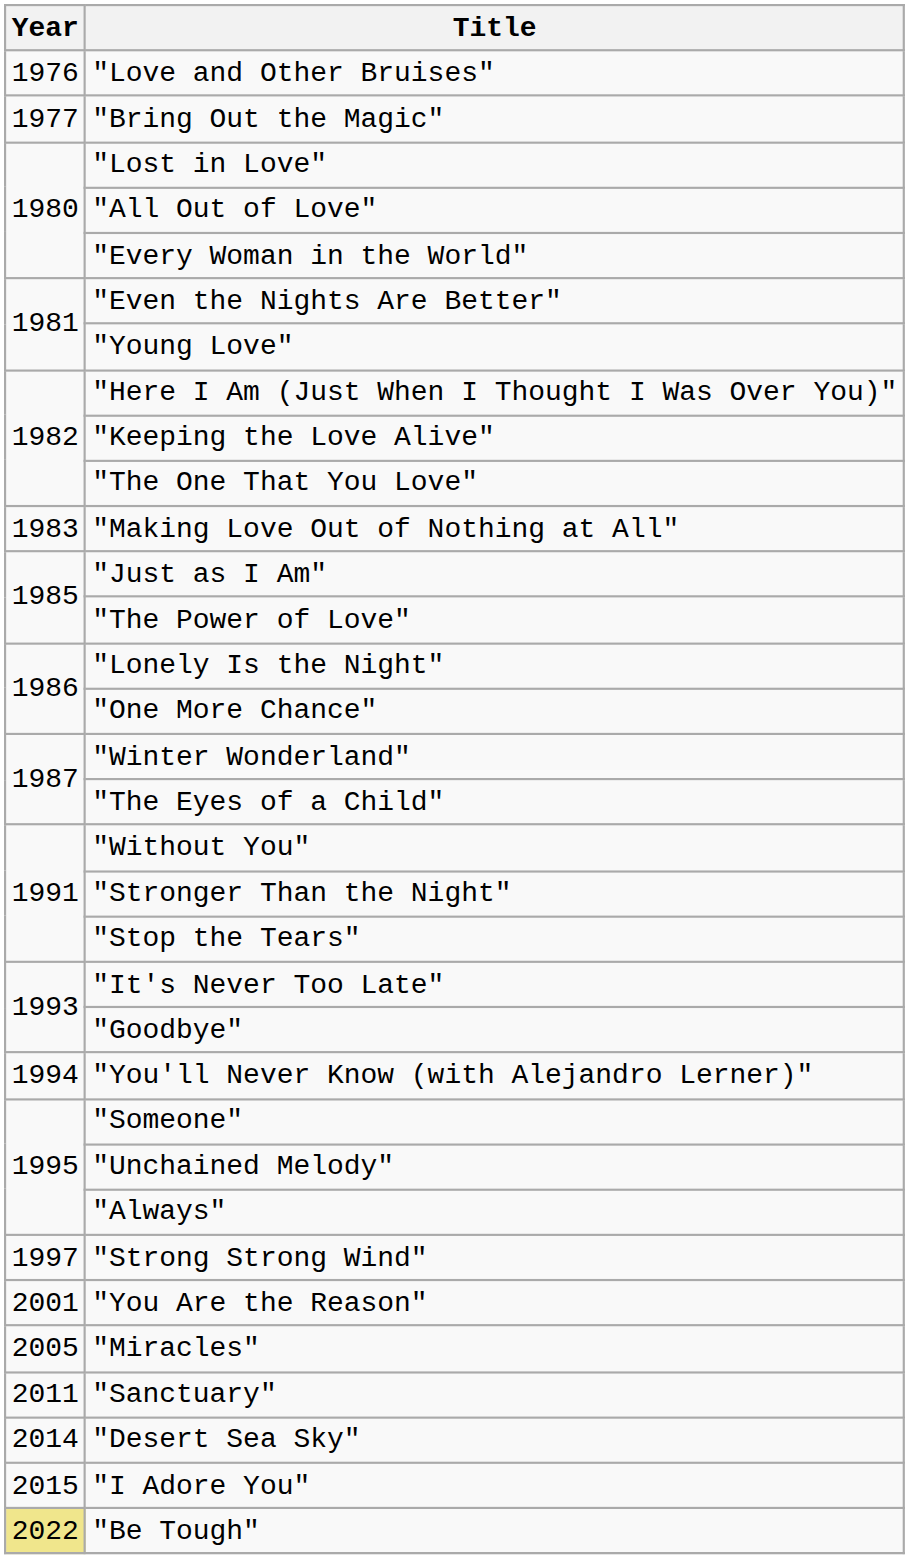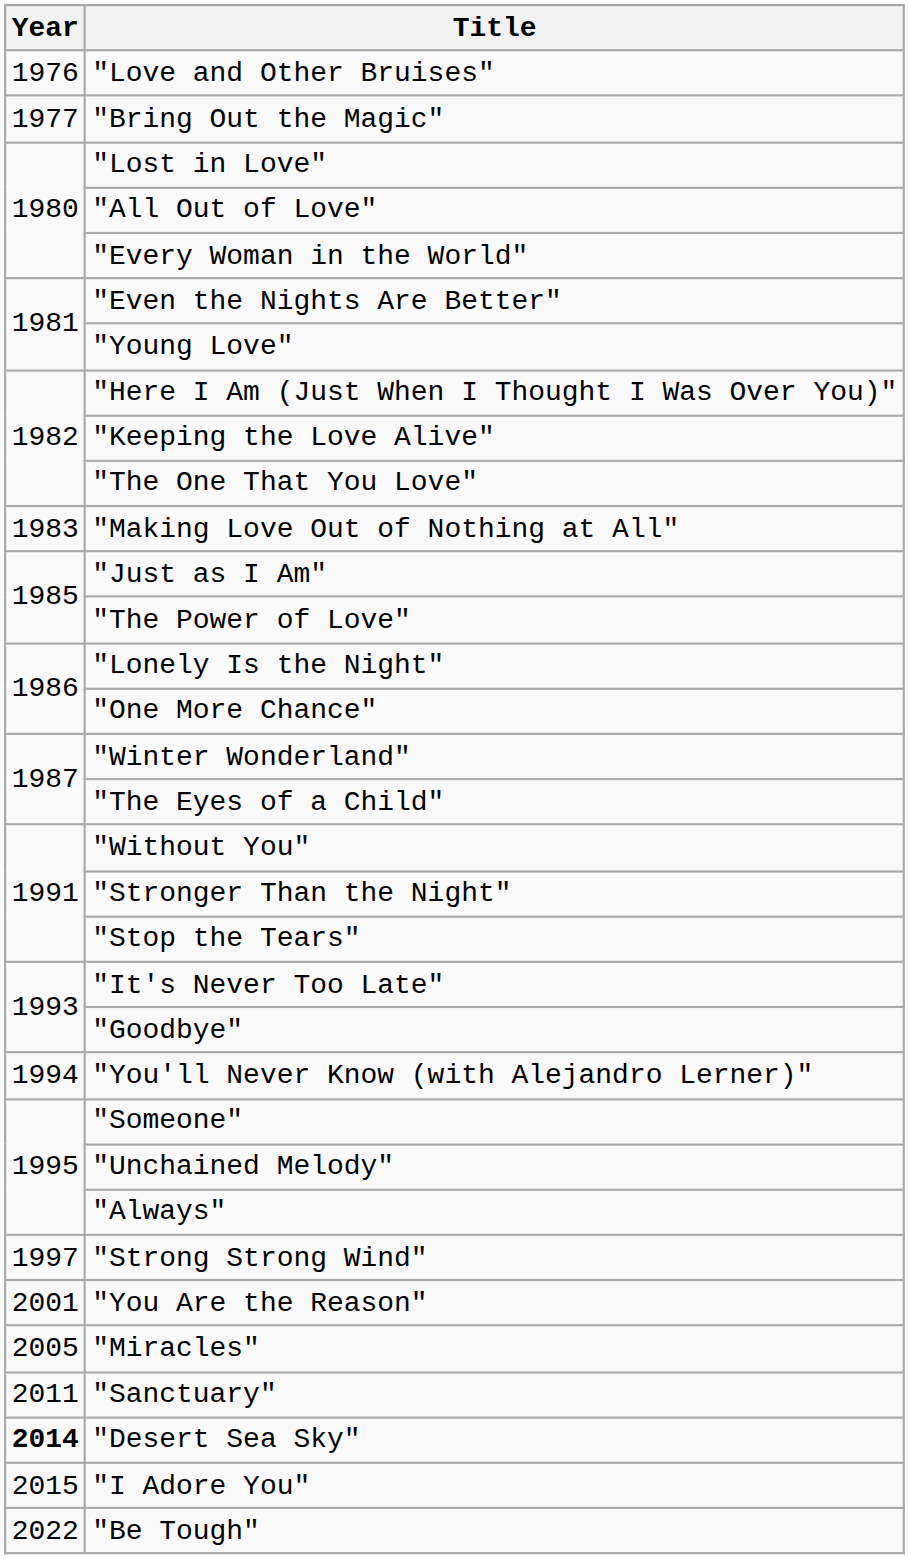 <table class="wikitable">
 <tr>
 <th>Year</th>
 <th>Title</th>
 </tr>
 <tr>
 <td>1976</td>
 <td>"Love and Other Bruises"</td>
 </tr>
 <tr>
 <td>1977</td>
 <td>"Bring Out the Magic"</td>
 </tr>
 <tr>
 <td rowspan="3">1980</td>
 <td>"Lost in Love"</td>
 </tr>
 <tr>
 <td>"All Out of Love"</td>
 </tr>
 <tr>
 <td>"Every Woman in the World"</td>
 </tr>
 <tr>
 <td rowspan="2">1981</td>
 <td>"Even the Nights Are Better"</td>
 </tr>
 <tr>
 <td>"Young Love"</td>
 </tr>
 <tr>
 <td rowspan="3">1982</td>
 <td>"Here I Am (Just When I Thought I Was Over You)"</td>
 </tr>
 <tr>
 <td>"Keeping the Love Alive"</td>
 </tr>
 <tr>
 <td>"The One That You Love"</td>
 </tr>
 <tr>
 <td>1983</td>
 <td>"Making Love Out of Nothing at All"</td>
 </tr>
 <tr>
 <td rowspan="2">1985</td>
 <td>"Just as I Am"</td>
 </tr>
 <tr>
 <td>"The Power of Love"</td>
 </tr>
 <tr>
 <td rowspan="2">1986</td>
 <td>"Lonely Is the Night"</td>
 </tr>
 <tr>
 <td>"One More Chance"</td>
 </tr>
 <tr>
 <td rowspan='2'>1987</td>
 <td>"Winter Wonderland"</td>
 </tr>
 <tr>
 <td>"The Eyes of a Child"</td>
 </tr>
 <tr>
 <td rowspan="3">1991</td>
 <td>"Without You"</td>
 </tr>
 <tr>
 <td>"Stronger Than the Night"</td>
 </tr>
 <tr>
 <td>"Stop the Tears"</td>
 </tr>
 <tr>
 <td rowspan="2">1993</td>
 <td>"It's Never Too Late"</td>
 </tr>
 <tr>
 <td>"Goodbye"</td>
 </tr>
 <tr>
 <td>1994</td>
 <td>"You'll Never Know (with Alejandro Lerner)"</td>
 </tr>
 <tr>
 <td rowspan="3">1995</td>
 <td>"Someone"</td>
 </tr>
 <tr>
 <td>"Unchained Melody"</td>
 </tr>
 <tr>
 <td>"Always"</td>
 </tr>
 <tr>
 <td>1997</td>
 <td>"Strong Strong Wind"</td>
 </tr>
 <tr>
 <td>2001</td>
 <td>"You Are the Reason"</td>
 </tr>
 <tr>
 <td>2005</td>
 <td>"Miracles"</td>
 </tr>
 <tr>
 <td>2011</td>
 <td>"Sanctuary"</td>
 </tr>
 <tr>
-<td>2014</td>
+<td><strong>2014</strong></td>
 <td>"Desert Sea Sky"</td>
 </tr>
 <tr>
 <td>2015</td>
 <td>"I Adore You"</td>
 </tr>
 <tr>
-<td style="background: khaki;">2022</td>
+<td>2022</td>
 <td>"Be Tough"</td>
 </tr>
 <tr>
 </tr>
 </table>
